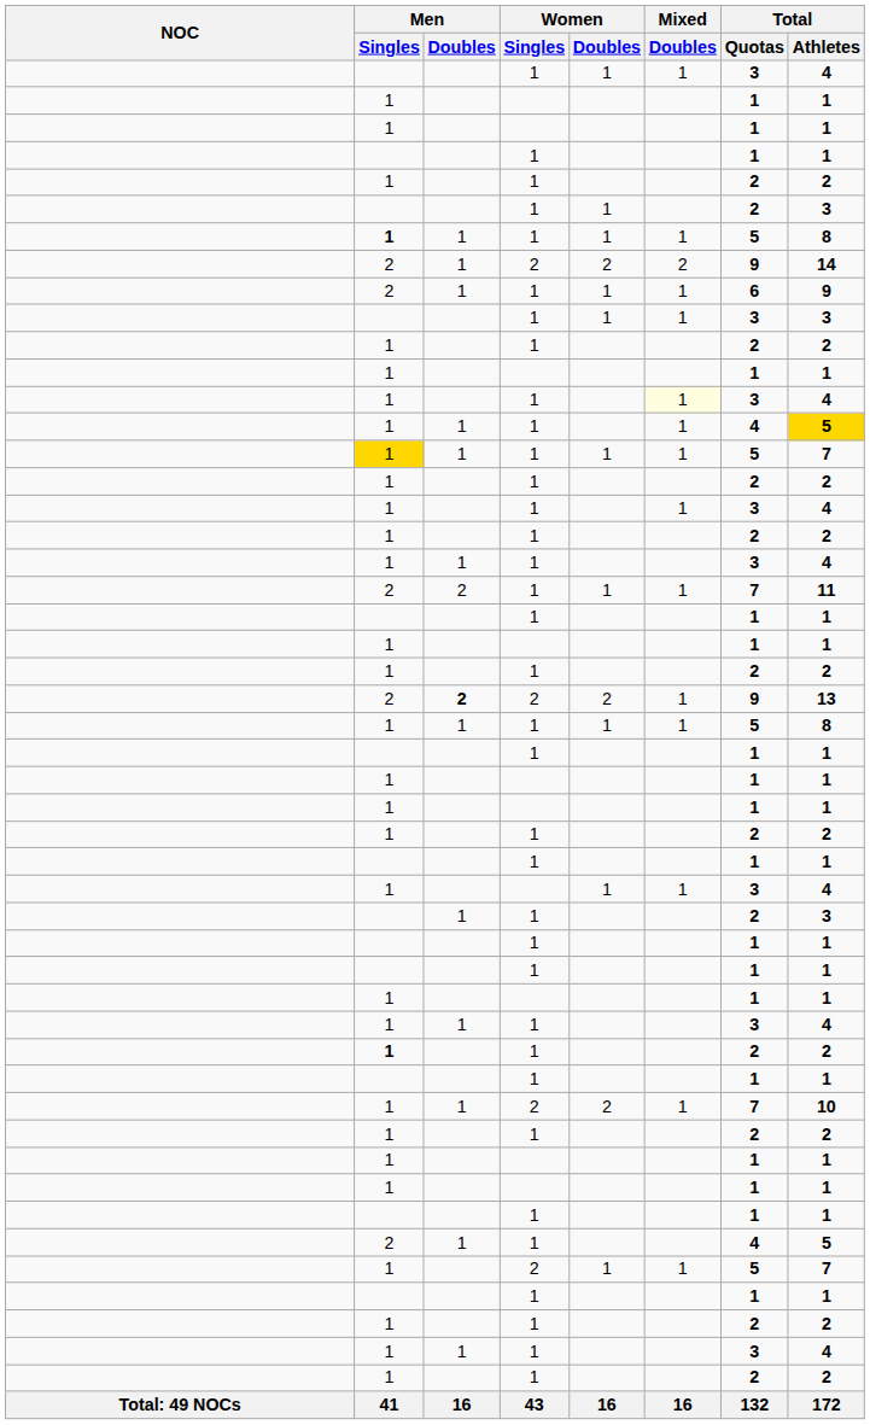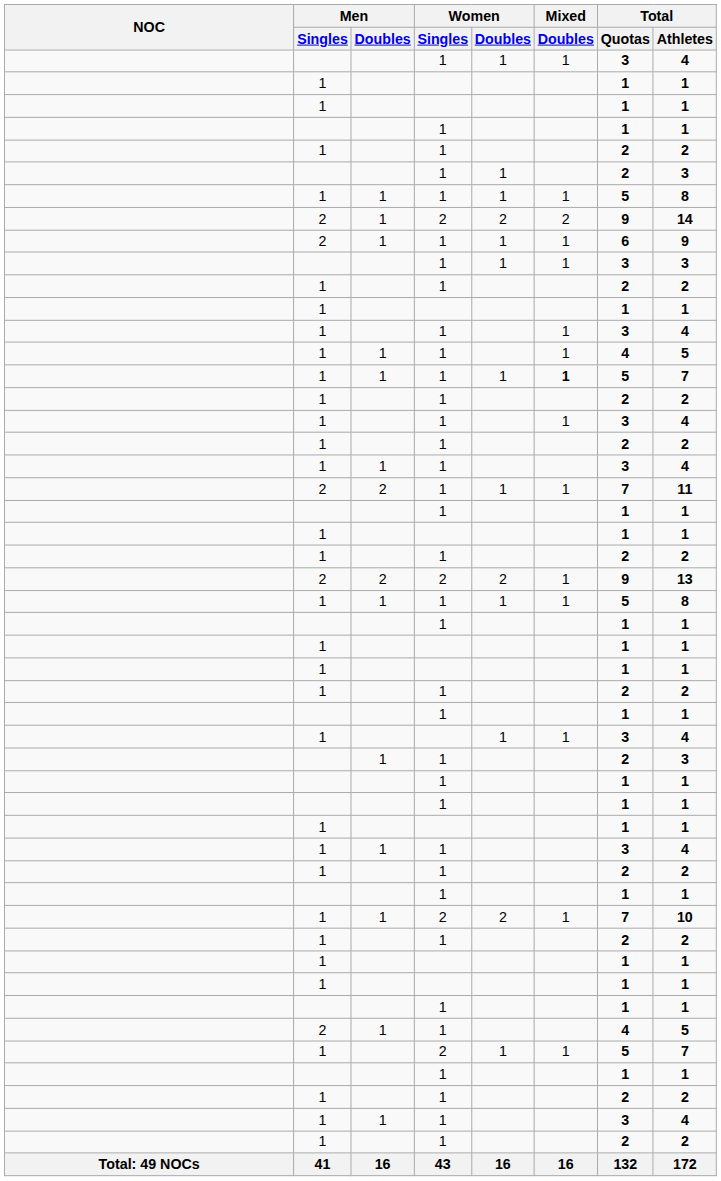 <table class="wikitable sortable" width=720 style="text-align:center; font-size:90%">
 <tr>
 <th rowspan="2" style="text-align:center;">NOC</th>
 <th colspan="2">Men</th>
 <th colspan="2">Women</th>
 <th>Mixed</th>
 <th colspan="2">Total</th>
 </tr>
 <tr>
 <th width=50><a href='#'>Singles</a></th>
 <th width=50><a href='#'>Doubles</a></th>
 <th width=50><a href='#'>Singles</a></th>
 <th width=50><a href='#'>Doubles</a></th>
 <th width=50><a href='#'>Doubles</a></th>
 <th width=50>Quotas</th>
 <th width=50>Athletes</th>
 </tr>
 <tr>
 <td style="text-align:left;"></td>
 <td></td>
 <td></td>
 <td>1</td>
 <td>1</td>
 <td>1</td>
 <td><strong>3</strong></td>
 <td><strong>4</strong></td>
 </tr>
 <tr>
 <td style="text-align:left;"></td>
 <td>1</td>
 <td></td>
 <td></td>
 <td></td>
 <td></td>
 <td><strong>1</strong></td>
 <td><strong>1</strong></td>
 </tr>
 <tr>
 <td style="text-align:left;"></td>
 <td>1</td>
 <td></td>
 <td></td>
 <td></td>
 <td></td>
 <td><strong>1</strong></td>
 <td><strong>1</strong></td>
 </tr>
 <tr>
 <td style="text-align:left;"></td>
 <td></td>
 <td></td>
 <td>1</td>
 <td></td>
 <td></td>
 <td><strong>1</strong></td>
 <td><strong>1</strong></td>
 </tr>
 <tr>
 <td style="text-align:left;"></td>
 <td>1</td>
 <td></td>
 <td>1</td>
 <td></td>
 <td></td>
 <td><strong>2</strong></td>
 <td><strong>2</strong></td>
 </tr>
 <tr>
 <td style="text-align:left;"></td>
 <td></td>
 <td></td>
 <td>1</td>
 <td>1</td>
 <td></td>
 <td><strong>2</strong></td>
 <td><strong>3</strong></td>
 </tr>
 <tr>
 <td style="text-align:left;"></td>
-<td><strong>1</strong></td>
+<td>1</td>
 <td>1</td>
 <td>1</td>
 <td>1</td>
 <td>1</td>
 <td><strong>5</strong></td>
 <td><strong>8</strong></td>
 </tr>
 <tr>
 <td style="text-align:left;"></td>
 <td>2</td>
 <td>1</td>
 <td>2</td>
 <td>2</td>
 <td>2</td>
 <td><strong>9</strong></td>
 <td><strong>14</strong></td>
 </tr>
 <tr>
 <td style="text-align:left;"></td>
 <td>2</td>
 <td>1</td>
 <td>1</td>
 <td>1</td>
 <td>1</td>
 <td><strong>6</strong></td>
 <td><strong>9</strong></td>
 </tr>
 <tr>
 <td style="text-align:left;"></td>
 <td></td>
 <td></td>
 <td>1</td>
 <td>1</td>
 <td>1</td>
 <td><strong>3</strong></td>
 <td><strong>3</strong></td>
 </tr>
 <tr>
 <td style="text-align:left;"></td>
 <td>1</td>
 <td></td>
 <td>1</td>
 <td></td>
 <td></td>
 <td><strong>2</strong></td>
 <td><strong>2</strong></td>
 </tr>
 <tr>
 <td style="text-align:left;"></td>
 <td>1</td>
 <td></td>
 <td></td>
 <td></td>
 <td></td>
 <td><strong>1</strong></td>
 <td><strong>1</strong></td>
 </tr>
 <tr>
 <td style="text-align:left;"></td>
 <td>1</td>
 <td></td>
 <td>1</td>
 <td></td>
-<td style="background: lightyellow;">1</td>
+<td>1</td>
 <td><strong>3</strong></td>
 <td><strong>4</strong></td>
 </tr>
 <tr>
 <td style="text-align:left;"></td>
 <td>1</td>
 <td>1</td>
 <td>1</td>
 <td></td>
 <td>1</td>
 <td><strong>4</strong></td>
-<td style="background: gold;"><strong>5</strong></td>
+<td><strong>5</strong></td>
 </tr>
 <tr>
 <td style="text-align:left;"></td>
-<td style="background: gold;">1</td>
 <td>1</td>
 <td>1</td>
 <td>1</td>
 <td>1</td>
+<td><strong>1</strong></td>
 <td><strong>5</strong></td>
 <td><strong>7</strong></td>
 </tr>
 <tr>
 <td style="text-align:left;"></td>
 <td>1</td>
 <td></td>
 <td>1</td>
 <td></td>
 <td></td>
 <td><strong>2</strong></td>
 <td><strong>2</strong></td>
 </tr>
 <tr>
 <td style="text-align:left;"></td>
 <td>1</td>
 <td></td>
 <td>1</td>
 <td></td>
 <td>1</td>
 <td><strong>3</strong></td>
 <td><strong>4</strong></td>
 </tr>
 <tr>
 <td style="text-align:left;"></td>
 <td>1</td>
 <td></td>
 <td>1</td>
 <td></td>
 <td></td>
 <td><strong>2</strong></td>
 <td><strong>2</strong></td>
 </tr>
 <tr>
 <td style="text-align:left;"></td>
 <td>1</td>
 <td>1</td>
 <td>1</td>
 <td></td>
 <td></td>
 <td><strong>3</strong></td>
 <td><strong>4</strong></td>
 </tr>
 <tr>
 <td style="text-align:left;"></td>
 <td>2</td>
 <td>2</td>
 <td>1</td>
 <td>1</td>
 <td>1</td>
 <td><strong>7</strong></td>
 <td><strong>11</strong></td>
 </tr>
 <tr>
 <td style="text-align:left;"></td>
 <td></td>
 <td></td>
 <td>1</td>
 <td></td>
 <td></td>
 <td><strong>1</strong></td>
 <td><strong>1</strong></td>
 </tr>
 <tr>
 <td style="text-align:left;"></td>
 <td>1</td>
 <td></td>
 <td></td>
 <td></td>
 <td></td>
 <td><strong>1</strong></td>
 <td><strong>1</strong></td>
 </tr>
 <tr>
 <td style="text-align:left;"></td>
 <td>1</td>
 <td></td>
 <td>1</td>
 <td></td>
 <td></td>
 <td><strong>2</strong></td>
 <td><strong>2</strong></td>
 </tr>
 <tr>
 <td style="text-align:left;"></td>
 <td>2</td>
-<td><strong>2</strong></td>
+<td>2</td>
 <td>2</td>
 <td>2</td>
 <td>1</td>
 <td><strong>9</strong></td>
 <td><strong>13</strong></td>
 </tr>
 <tr>
 <td style="text-align:left;"></td>
 <td>1</td>
 <td>1</td>
 <td>1</td>
 <td>1</td>
 <td>1</td>
 <td><strong>5</strong></td>
 <td><strong>8</strong></td>
 </tr>
 <tr>
 <td style="text-align:left;"></td>
 <td></td>
 <td></td>
 <td>1</td>
 <td></td>
 <td></td>
 <td><strong>1</strong></td>
 <td><strong>1</strong></td>
 </tr>
 <tr>
 <td style="text-align:left;"></td>
 <td>1</td>
 <td></td>
 <td></td>
 <td></td>
 <td></td>
 <td><strong>1</strong></td>
 <td><strong>1</strong></td>
 </tr>
 <tr>
 <td style="text-align:left;"></td>
 <td>1</td>
 <td></td>
 <td></td>
 <td></td>
 <td></td>
 <td><strong>1</strong></td>
 <td><strong>1</strong></td>
 </tr>
 <tr>
 <td style="text-align:left;"></td>
 <td>1</td>
 <td></td>
 <td>1</td>
 <td></td>
 <td></td>
 <td><strong>2</strong></td>
 <td><strong>2</strong></td>
 </tr>
 <tr>
 <td style="text-align:left;"></td>
 <td></td>
 <td></td>
 <td>1</td>
 <td></td>
 <td></td>
 <td><strong>1</strong></td>
 <td><strong>1</strong></td>
 </tr>
 <tr>
 <td style="text-align:left;"></td>
 <td>1</td>
 <td></td>
 <td></td>
 <td>1</td>
 <td>1</td>
 <td><strong>3</strong></td>
 <td><strong>4</strong></td>
 </tr>
 <tr>
 <td style="text-align:left;"></td>
 <td></td>
 <td>1</td>
 <td>1</td>
 <td></td>
 <td></td>
 <td><strong>2</strong></td>
 <td><strong>3</strong></td>
 </tr>
 <tr>
 <td style="text-align:left;"></td>
 <td></td>
 <td></td>
 <td>1</td>
 <td></td>
 <td></td>
 <td><strong>1</strong></td>
 <td><strong>1</strong></td>
 </tr>
 <tr>
 <td style="text-align:left;"></td>
 <td></td>
 <td></td>
 <td>1</td>
 <td></td>
 <td></td>
 <td><strong>1</strong></td>
 <td><strong>1</strong></td>
 </tr>
 <tr>
 <td style="text-align:left;"></td>
 <td>1</td>
 <td></td>
 <td></td>
 <td></td>
 <td></td>
 <td><strong>1</strong></td>
 <td><strong>1</strong></td>
 </tr>
 <tr>
 <td style="text-align:left;"></td>
 <td>1</td>
 <td>1</td>
 <td>1</td>
 <td></td>
 <td></td>
 <td><strong>3</strong></td>
 <td><strong>4</strong></td>
 </tr>
 <tr>
 <td style="text-align:left;"></td>
-<td><strong>1</strong></td>
+<td>1</td>
 <td></td>
 <td>1</td>
 <td></td>
 <td></td>
 <td><strong>2</strong></td>
 <td><strong>2</strong></td>
 </tr>
 <tr>
 <td style="text-align:left;"></td>
 <td></td>
 <td></td>
 <td>1</td>
 <td></td>
 <td></td>
 <td><strong>1</strong></td>
 <td><strong>1</strong></td>
 </tr>
 <tr>
 <td style="text-align:left;"></td>
 <td>1</td>
 <td>1</td>
 <td>2</td>
 <td>2</td>
 <td>1</td>
 <td><strong>7</strong></td>
 <td><strong>10</strong></td>
 </tr>
 <tr>
 <td style="text-align:left;"></td>
 <td>1</td>
 <td></td>
 <td>1</td>
 <td></td>
 <td></td>
 <td><strong>2</strong></td>
 <td><strong>2</strong></td>
 </tr>
 <tr>
 <td style="text-align:left;"></td>
 <td>1</td>
 <td></td>
 <td></td>
 <td></td>
 <td></td>
 <td><strong>1</strong></td>
 <td><strong>1</strong></td>
 </tr>
 <tr>
 <td style="text-align:left;"></td>
 <td>1</td>
 <td></td>
 <td></td>
 <td></td>
 <td></td>
 <td><strong>1</strong></td>
 <td><strong>1</strong></td>
 </tr>
 <tr>
 <td style="text-align:left;"></td>
 <td></td>
 <td></td>
 <td>1</td>
 <td></td>
 <td></td>
 <td><strong>1</strong></td>
 <td><strong>1</strong></td>
 </tr>
 <tr>
 <td style="text-align:left;"></td>
 <td>2</td>
 <td>1</td>
 <td>1</td>
 <td></td>
 <td></td>
 <td><strong>4</strong></td>
 <td><strong>5</strong></td>
 </tr>
 <tr>
 <td style="text-align:left;"></td>
 <td>1</td>
 <td></td>
 <td>2</td>
 <td>1</td>
 <td>1</td>
 <td><strong>5</strong></td>
 <td><strong>7</strong></td>
 </tr>
 <tr>
 <td style="text-align:left;"></td>
 <td></td>
 <td></td>
 <td>1</td>
 <td></td>
 <td></td>
 <td><strong>1</strong></td>
 <td><strong>1</strong></td>
 </tr>
 <tr>
 <td style="text-align:left;"></td>
 <td>1</td>
 <td></td>
 <td>1</td>
 <td></td>
 <td></td>
 <td><strong>2</strong></td>
 <td><strong>2</strong></td>
 </tr>
 <tr>
 <td style="text-align:left;"></td>
 <td>1</td>
 <td>1</td>
 <td>1</td>
 <td></td>
 <td></td>
 <td><strong>3</strong></td>
 <td><strong>4</strong></td>
 </tr>
 <tr>
 <td style="text-align:left;"></td>
 <td>1</td>
 <td></td>
 <td>1</td>
 <td></td>
 <td></td>
 <td><strong>2</strong></td>
 <td><strong>2</strong></td>
 </tr>
 <tr>
 <th>Total: 49 NOCs</th>
 <th>41</th>
 <th>16</th>
 <th>43</th>
 <th>16</th>
 <th>16</th>
 <th>132</th>
 <th>172</th>
 </tr>
 </table>
